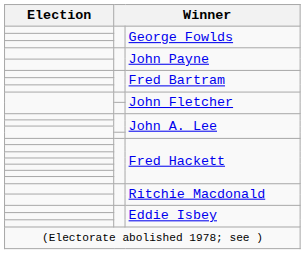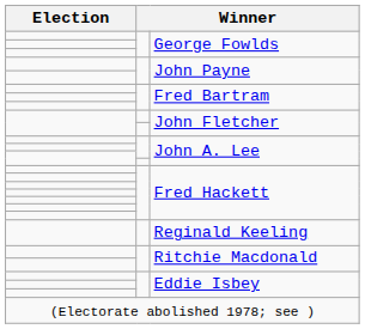 <table class=wikitable>
 <tr>
 <th width=100>Election</th>
 <th colspan=2  width=175>Winner</th>
 </tr>
 <tr>
 <td></td>
 <td width=5 rowspan=3 bgcolor=></td>
 <td rowspan=3><a href='#'>George Fowlds</a></td>
 </tr>
 <tr>
 <td></td>
 </tr>
 <tr>
 <td></td>
 </tr>
 <tr>
 <td></td>
 <td rowspan=2 bgcolor=></td>
 <td rowspan=2><a href='#'>John Payne</a></td>
 </tr>
 <tr>
 <td></td>
 </tr>
 <tr>
 <td></td>
 <td rowspan=3 bgcolor=></td>
 <td rowspan=3><a href='#'>Fred Bartram</a></td>
 </tr>
 <tr>
 <td></td>
 </tr>
 <tr>
 <td></td>
 </tr>
 <tr>
 <td rowspan=2></td>
 <td bgcolor=></td>
 <td rowspan=2><a href='#'>John Fletcher</a></td>
 </tr>
 <tr>
 <td bgcolor=></td>
 </tr>
 <tr>
 <td></td>
 <td rowspan=2 style="border-bottom:solid 0 grey; background:"></td>
 <td rowspan=4><a href='#'>John A. Lee</a></td>
 </tr>
 <tr>
 <td></td>
 </tr>
 <tr>
 <td rowspan=2></td>
 <td style="border-top:solid 0 grey; background:"></td>
 </tr>
 <tr>
 <td bgcolor=></td>
 </tr>
 <tr>
 <td></td>
 <td rowspan=7 bgcolor=></td>
 <td rowspan=7><a href='#'>Fred Hackett</a></td>
 </tr>
 <tr>
 <td></td>
 </tr>
 <tr>
 <td></td>
 </tr>
 <tr>
 <td></td>
 </tr>
 <tr>
 <td></td>
 </tr>
 <tr>
 <td></td>
 </tr>
 <tr>
 <td></td>
 </tr>
 <tr>
 <td></td>
+<td bgcolor=></td>
+<td><a href='#'>Reginald Keeling</a></td>
+</tr>
+<tr>
+<td></td>
 <td rowspan=2 bgcolor=></td>
 <td rowspan=2><a href='#'>Ritchie Macdonald</a></td>
 </tr>
 <tr>
 <td></td>
 </tr>
 <tr>
 <td></td>
 <td rowspan=3 bgcolor=></td>
 <td rowspan=3><a href='#'>Eddie Isbey</a></td>
 </tr>
 <tr>
 <td></td>
 </tr>
 <tr>
 <td></td>
 </tr>
 <tr>
 <td colspan=3 align=center><small>(Electorate abolished 1978; see )</small></td>
 </tr>
 </table>
